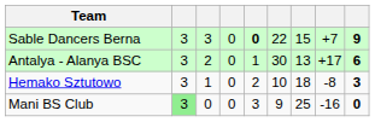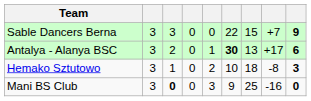 <table class="wikitable" style="text-align: center;">
 <tr>
 <th width="185">Team</th>
 <th width="20"></th>
 <th width="20"></th>
 <th width="20"></th>
 <th width="20"></th>
 <th width="20"></th>
 <th width="20"></th>
 <th width="20"></th>
 <th width="20"></th>
 </tr>
 <tr bgcolor=#ccffcc>
 <td align=left> Sable Dancers Berna</td>
 <td>3</td>
 <td>3</td>
 <td>0</td>
-<td><strong>0</strong></td>
+<td>0</td>
 <td>22</td>
 <td>15</td>
 <td>+7</td>
 <td><strong>9</strong></td>
 </tr>
 <tr bgcolor=#ccffcc>
 <td align=left> Antalya - Alanya BSC</td>
 <td>3</td>
 <td>2</td>
 <td>0</td>
 <td>1</td>
-<td>30</td>
+<td><strong>30</strong></td>
 <td>13</td>
 <td>+17</td>
 <td><strong>6</strong></td>
 </tr>
 <tr>
 <td align=left> <a href='#'>Hemako Sztutowo</a></td>
 <td>3</td>
 <td>1</td>
 <td>0</td>
 <td>2</td>
 <td>10</td>
 <td>18</td>
 <td>-8</td>
 <td><strong>3</strong></td>
 </tr>
 <tr>
 <td align=left> Mani BS Club</td>
-<td style="background: lightgreen;">3</td>
-<td>0</td>
+<td>3</td>
+<td><strong>0</strong></td>
 <td>0</td>
 <td>3</td>
 <td>9</td>
 <td>25</td>
 <td>-16</td>
 <td><strong>0</strong></td>
 </tr>
 </table>
